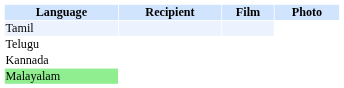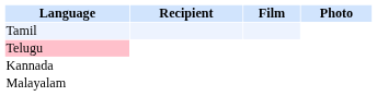 <table cellspacing="1" cellpadding="1" border="0" style="width:50%;">
 <tr style="background:#d1e4fd;">
 <th>Language</th>
 <th>Recipient</th>
 <th>Film</th>
 <th>Photo</th>
 </tr>
 <tr style="background:#edf3fe;">
 <td>Tamil</td>
 <td></td>
 <td></td>
 </tr>
 <tr>
-<td>Telugu</td>
+<td style="background: pink;">Telugu</td>
 <td></td>
 <td></td>
 </tr>
 <tr>
 <td>Kannada</td>
 <td></td>
 <td></td>
 </tr>
 <tr>
-<td style="background: lightgreen;">Malayalam</td>
+<td>Malayalam</td>
 <td></td>
 <td></td>
 </tr>
 </table>
